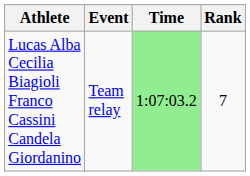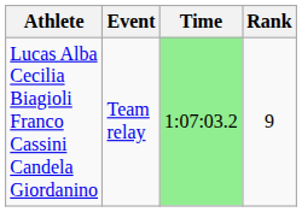 <table class="wikitable" style="text-align:center; font-size:90%; width:30%;">
 <tr>
 <th>Athlete</th>
 <th>Event</th>
 <th>Time</th>
 <th>Rank</th>
 </tr>
 <tr '>
 <td align=left><a href='#'>Lucas Alba</a><br><a href='#'>Cecilia Biagioli</a><br><a href='#'>Franco Cassini</a><br><a href='#'>Candela Giordanino</a></td>
 <td align=left><a href='#'>Team relay</a></td>
 <td style="background: lightgreen;">1:07:03.2</td>
-<td>7</td>
+<td>9</td>
 </tr>
 </table>
